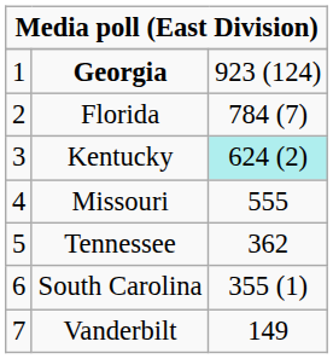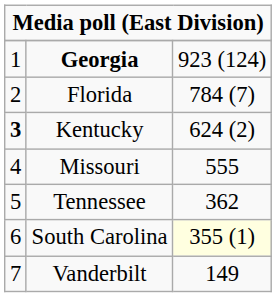 <table class="wikitable" style="display: inline-table;">
 <tr>
 <td align="center" Colspan="3"><strong>Media poll (East Division)</strong></td>
 </tr>
 <tr align="center">
 </tr>
 <tr align="center">
 <td>1</td>
 <td><strong>Georgia</strong></td>
 <td>923 (124)</td>
 </tr>
 <tr align="center">
 <td>2</td>
 <td>Florida</td>
 <td>784 (7)</td>
 </tr>
 <tr align="center">
-<td>3</td>
+<td><strong>3</strong></td>
 <td>Kentucky</td>
-<td style="background: paleturquoise;">624 (2)</td>
+<td>624 (2)</td>
 </tr>
 <tr align="center">
 <td>4</td>
 <td>Missouri</td>
 <td>555</td>
 </tr>
 <tr align="center">
 <td>5</td>
 <td>Tennessee</td>
 <td>362</td>
 </tr>
 <tr align="center">
 <td>6</td>
 <td>South Carolina</td>
-<td>355 (1)</td>
+<td style="background: lightyellow;">355 (1)</td>
 </tr>
 <tr align="center">
 <td>7</td>
 <td>Vanderbilt</td>
 <td>149</td>
 </tr>
 </table>
